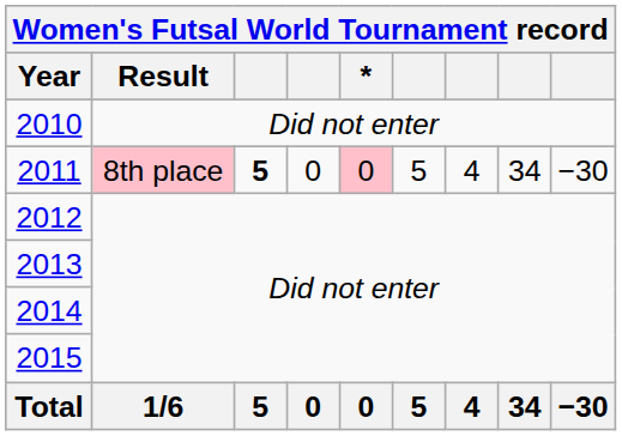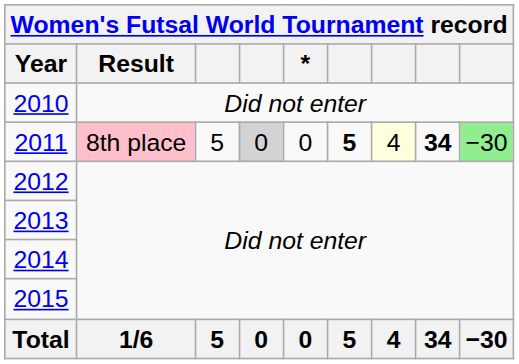 <table class="wikitable mw-collapsible" style="text-align: center;font-size:95%;">
 <tr>
 <th colspan="9"><a href='#'>Women's Futsal World Tournament</a> record</th>
 </tr>
 <tr>
 <th>Year</th>
 <th>Result</th>
 <th width=20></th>
 <th width=20></th>
 <th width=20>*</th>
 <th width=20></th>
 <th width=20></th>
 <th width=20></th>
 <th width=20></th>
 </tr>
 <tr>
 <td> <a href='#'>2010</a></td>
 <td colspan="8"><em>Did not enter</em></td>
 </tr>
 <tr>
 <td> <a href='#'>2011</a></td>
 <td style="background: pink;">8th place</td>
+<td>5</td>
+<td style="background: lightgrey;">0</td>
+<td>0</td>
 <td><strong>5</strong></td>
-<td>0</td>
-<td style="background: pink;">0</td>
-<td>5</td>
-<td>4</td>
-<td>34</td>
-<td>−30</td>
+<td style="background: lightyellow;">4</td>
+<td><strong>34</strong></td>
+<td style="background: lightgreen;">−30</td>
 </tr>
 <tr>
 <td> <a href='#'>2012</a></td>
 <td colspan="8" rowspan="4"><em>Did not enter</em></td>
 </tr>
 <tr>
 <td> <a href='#'>2013</a></td>
 </tr>
 <tr>
 <td> <a href='#'>2014</a></td>
 </tr>
 <tr>
 <td> <a href='#'>2015</a></td>
 </tr>
 <tr>
 <th>Total</th>
 <th>1/6</th>
 <th>5</th>
 <th>0</th>
 <th>0</th>
 <th>5</th>
 <th>4</th>
 <th>34</th>
 <th>−30</th>
 </tr>
 </table>
